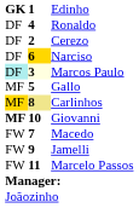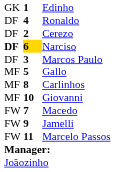 <table style="font-size:90%; margin:0.2em auto;" cellspacing="0" cellpadding="0">
 <tr>
 <th width="25"></th>
 <th width="25"></th>
 </tr>
 <tr>
-<td><strong>GK</strong></td>
+<td>GK</td>
 <td><strong>1</strong></td>
 <td><a href='#'>Edinho</a></td>
 </tr>
 <tr>
 <td>DF</td>
 <td><strong>4</strong></td>
 <td><a href='#'>Ronaldo</a></td>
 </tr>
 <tr>
 <td>DF</td>
 <td><strong>2</strong></td>
 <td><a href='#'>Cerezo</a></td>
 </tr>
 <tr>
-<td>DF</td>
+<td><strong>DF</strong></td>
 <td style="background: gold;"><strong>6</strong></td>
 <td><a href='#'>Narciso</a></td>
 </tr>
 <tr>
-<td style="background: paleturquoise;">DF</td>
-<td style="background: lightyellow;"><strong>3</strong></td>
+<td>DF</td>
+<td><strong>3</strong></td>
 <td><a href='#'>Marcos Paulo</a></td>
 </tr>
 <tr>
 <td>MF</td>
 <td><strong>5</strong></td>
 <td><a href='#'>Gallo</a></td>
 </tr>
 <tr>
-<td style="background: gold;">MF</td>
-<td style="background: khaki;"><strong>8</strong></td>
+<td>MF</td>
+<td><strong>8</strong></td>
 <td><a href='#'>Carlinhos</a></td>
 </tr>
 <tr>
-<td><strong>MF</strong></td>
+<td>MF</td>
 <td><strong>10</strong></td>
 <td><a href='#'>Giovanni</a></td>
 </tr>
 <tr>
 <td>FW</td>
 <td><strong>7</strong></td>
 <td><a href='#'>Macedo</a></td>
 </tr>
 <tr>
 <td>FW</td>
 <td><strong>9</strong></td>
 <td><a href='#'>Jamelli</a></td>
 </tr>
 <tr>
 <td>FW</td>
 <td><strong>11</strong></td>
 <td><a href='#'>Marcelo Passos</a></td>
 </tr>
 <tr>
 <td colspan=3><strong>Manager:</strong></td>
 </tr>
 <tr>
 <td colspan=4><a href='#'>Joãozinho</a></td>
 </tr>
 </table>
